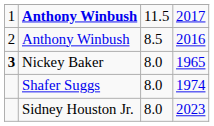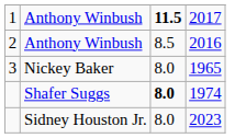 <table class="wikitable">
 <tr>
 </tr>
 <tr>
 <td>1</td>
-<td><strong><a href='#'>Anthony Winbush</a></strong></td>
-<td>11.5</td>
+<td><a href='#'>Anthony Winbush</a></td>
+<td><strong>11.5</strong></td>
 <td><a href='#'>2017</a></td>
 </tr>
 <tr>
 <td>2</td>
 <td><a href='#'>Anthony Winbush</a></td>
 <td>8.5</td>
 <td><a href='#'>2016</a></td>
 </tr>
 <tr>
-<td><strong>3</strong></td>
+<td>3</td>
 <td>Nickey Baker</td>
 <td>8.0</td>
 <td><a href='#'>1965</a></td>
 </tr>
 <tr>
 <td></td>
 <td><a href='#'>Shafer Suggs</a></td>
-<td>8.0</td>
+<td><strong>8.0</strong></td>
 <td><a href='#'>1974</a></td>
 </tr>
 <tr>
 <td></td>
 <td>Sidney Houston Jr.</td>
 <td>8.0</td>
 <td><a href='#'>2023</a></td>
 </tr>
 </table>
